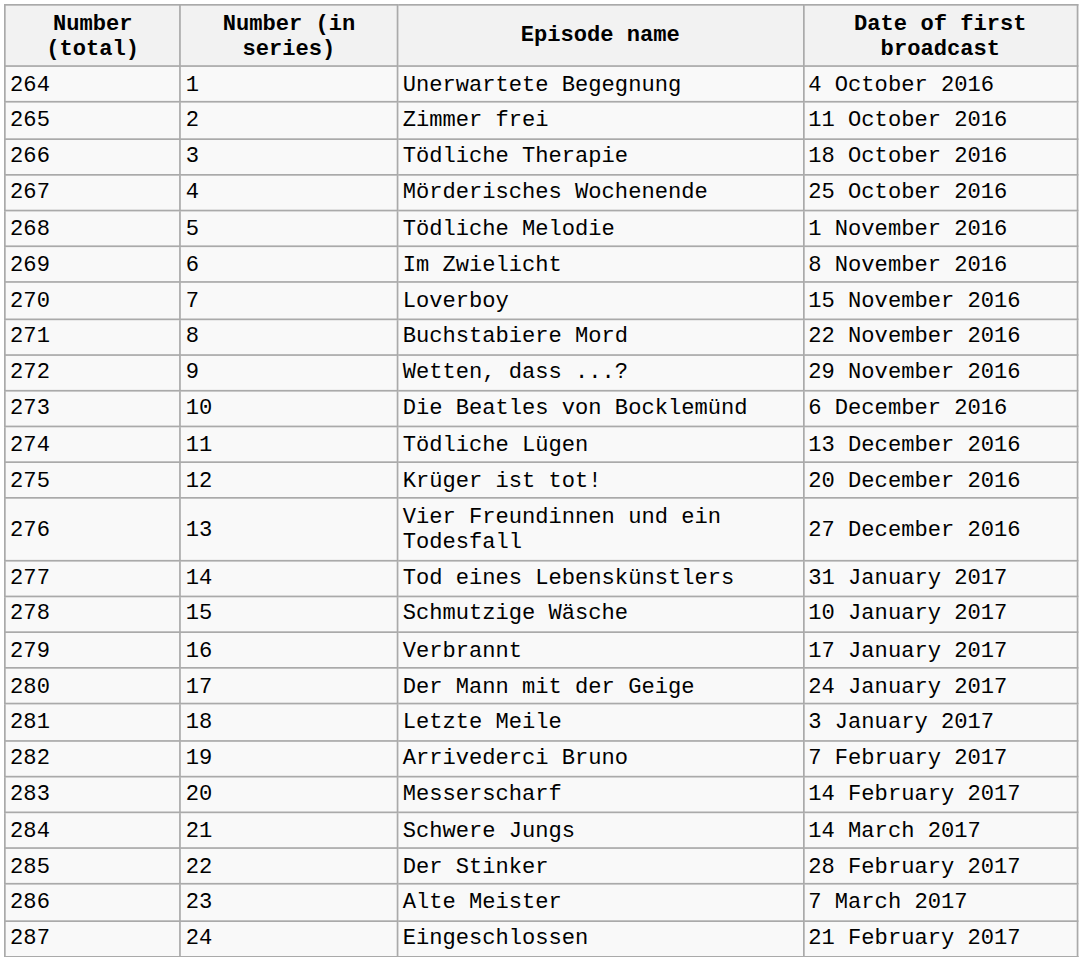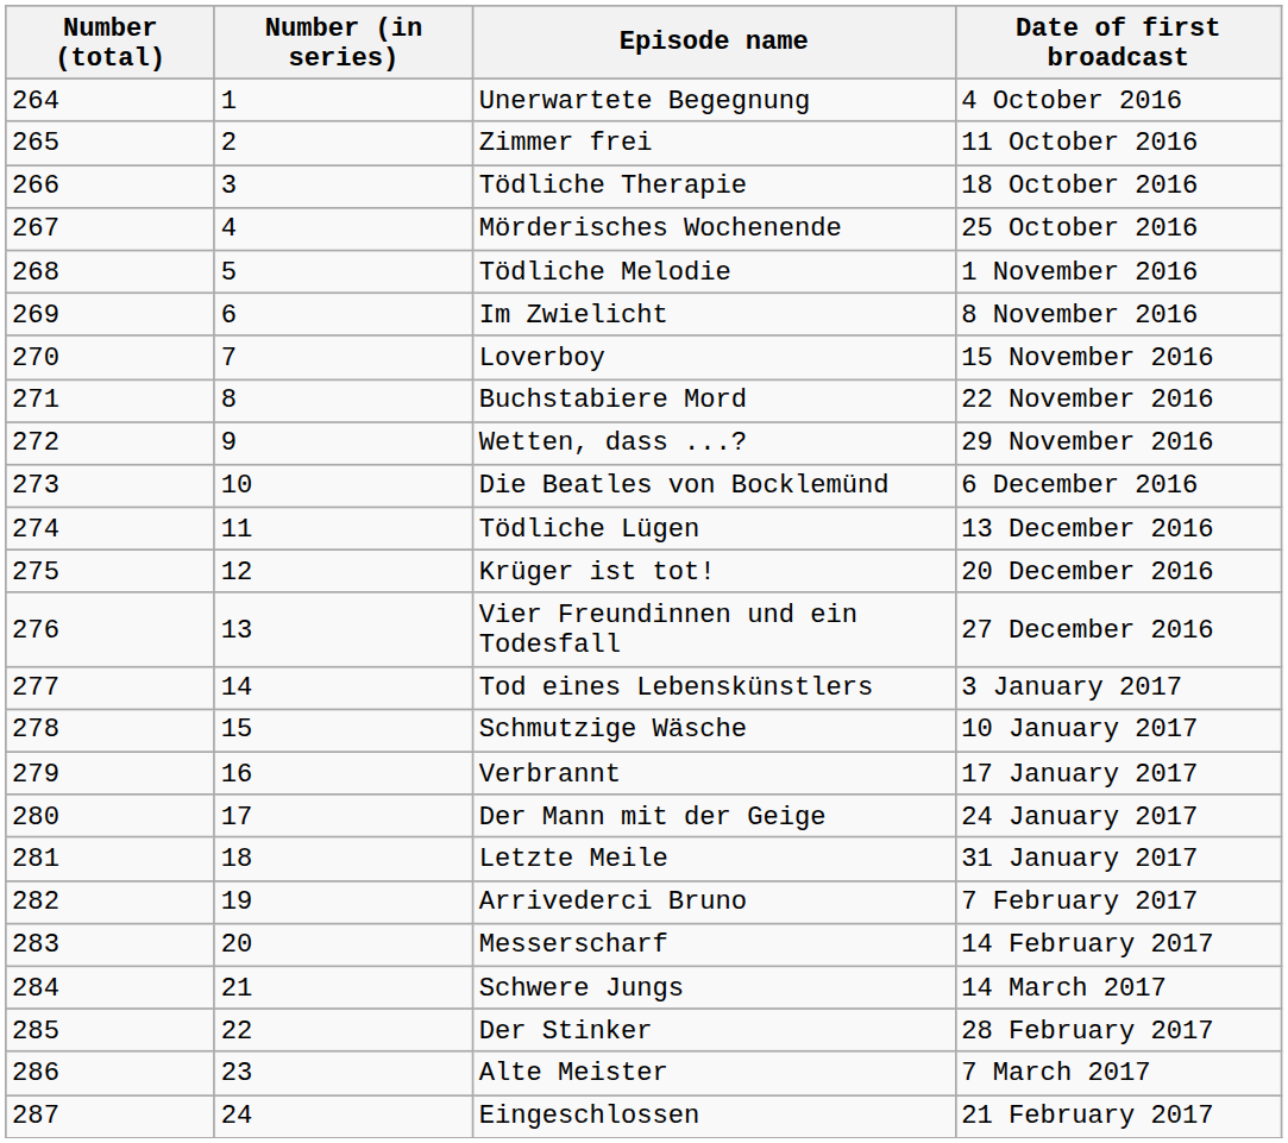 <table class="wikitable" width="50%">
 <tr class="hintergrundfarbe6">
 <th>Number (total)</th>
 <th>Number (in series)</th>
 <th>Episode name</th>
 <th>Date of first broadcast</th>
 </tr>
 <tr>
 <td>264</td>
 <td>1</td>
 <td>Unerwartete Begegnung</td>
 <td>4 October 2016</td>
 </tr>
 <tr>
 <td>265</td>
 <td>2</td>
 <td>Zimmer frei</td>
 <td>11 October 2016</td>
 </tr>
 <tr>
 <td>266</td>
 <td>3</td>
 <td>Tödliche Therapie</td>
 <td>18 October 2016</td>
 </tr>
 <tr>
 <td>267</td>
 <td>4</td>
 <td>Mörderisches Wochenende</td>
 <td>25 October 2016</td>
 </tr>
 <tr>
 <td>268</td>
 <td>5</td>
 <td>Tödliche Melodie</td>
 <td>1 November 2016</td>
 </tr>
 <tr>
 <td>269</td>
 <td>6</td>
 <td>Im Zwielicht</td>
 <td>8 November 2016</td>
 </tr>
 <tr>
 <td>270</td>
 <td>7</td>
 <td>Loverboy</td>
 <td>15 November 2016</td>
 </tr>
 <tr>
 <td>271</td>
 <td>8</td>
 <td>Buchstabiere Mord</td>
 <td>22 November 2016</td>
 </tr>
 <tr>
 <td>272</td>
 <td>9</td>
 <td>Wetten, dass ...?</td>
 <td>29 November 2016</td>
 </tr>
 <tr>
 <td>273</td>
 <td>10</td>
 <td>Die Beatles von Bocklemünd</td>
 <td>6 December 2016</td>
 </tr>
 <tr>
 <td>274</td>
 <td>11</td>
 <td>Tödliche Lügen</td>
 <td>13 December 2016</td>
 </tr>
 <tr>
 <td>275</td>
 <td>12</td>
 <td>Krüger ist tot!</td>
 <td>20 December 2016</td>
 </tr>
 <tr>
 <td>276</td>
 <td>13</td>
 <td>Vier Freundinnen und ein Todesfall</td>
 <td>27 December 2016</td>
 </tr>
 <tr>
 <td>277</td>
 <td>14</td>
 <td>Tod eines Lebenskünstlers</td>
-<td>31 January 2017</td>
+<td>3 January 2017</td>
 </tr>
 <tr>
 <td>278</td>
 <td>15</td>
 <td>Schmutzige Wäsche</td>
 <td>10 January 2017</td>
 </tr>
 <tr>
 <td>279</td>
 <td>16</td>
 <td>Verbrannt</td>
 <td>17 January 2017</td>
 </tr>
 <tr>
 <td>280</td>
 <td>17</td>
 <td>Der Mann mit der Geige</td>
 <td>24 January 2017</td>
 </tr>
 <tr>
 <td>281</td>
 <td>18</td>
 <td>Letzte Meile</td>
-<td>3 January 2017</td>
+<td>31 January 2017</td>
 </tr>
 <tr>
 <td>282</td>
 <td>19</td>
 <td>Arrivederci Bruno</td>
 <td>7 February 2017</td>
 </tr>
 <tr>
 <td>283</td>
 <td>20</td>
 <td>Messerscharf</td>
 <td>14 February 2017</td>
 </tr>
 <tr>
 <td>284</td>
 <td>21</td>
 <td>Schwere Jungs</td>
 <td>14 March 2017</td>
 </tr>
 <tr>
 <td>285</td>
 <td>22</td>
 <td>Der Stinker</td>
 <td>28 February 2017</td>
 </tr>
 <tr>
 <td>286</td>
 <td>23</td>
 <td>Alte Meister</td>
 <td>7 March 2017</td>
 </tr>
 <tr>
 <td>287</td>
 <td>24</td>
 <td>Eingeschlossen</td>
 <td>21 February 2017</td>
 </tr>
 <tr>
 </tr>
 </table>
